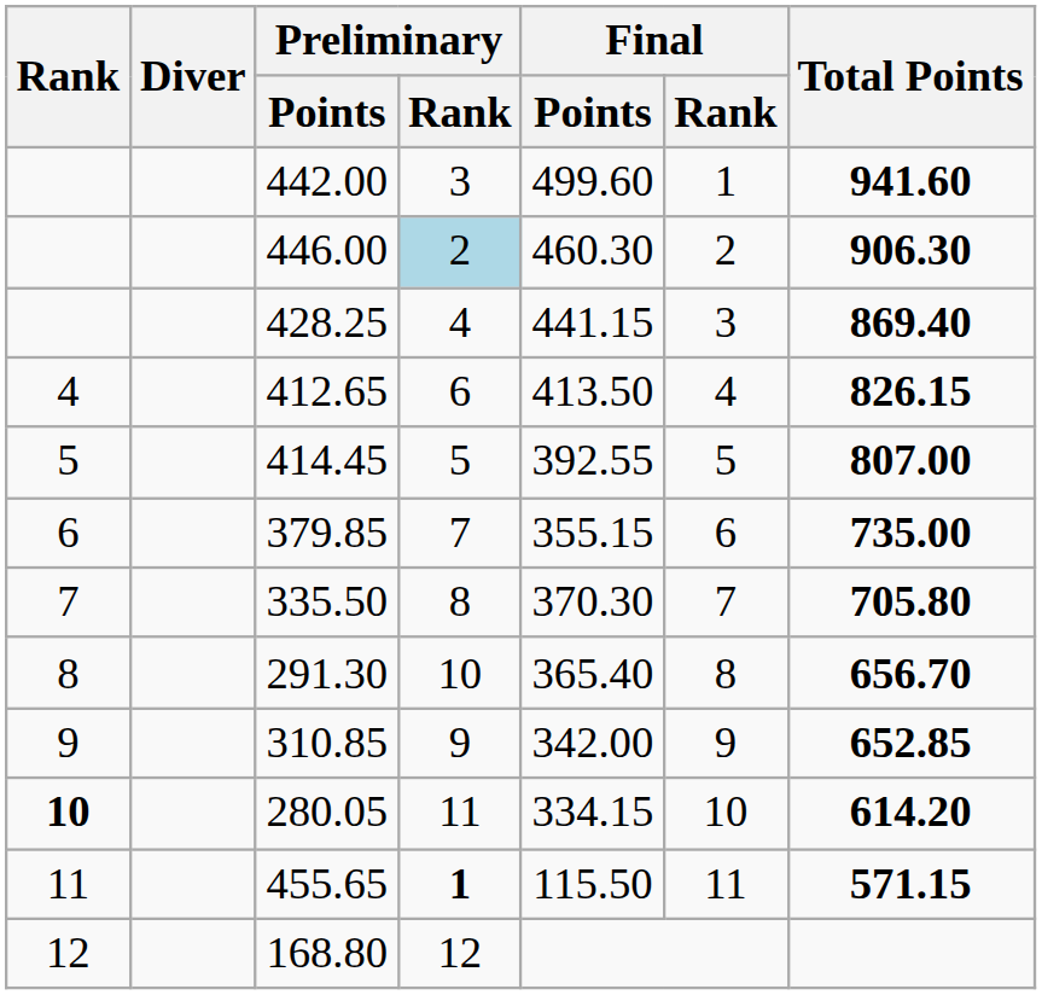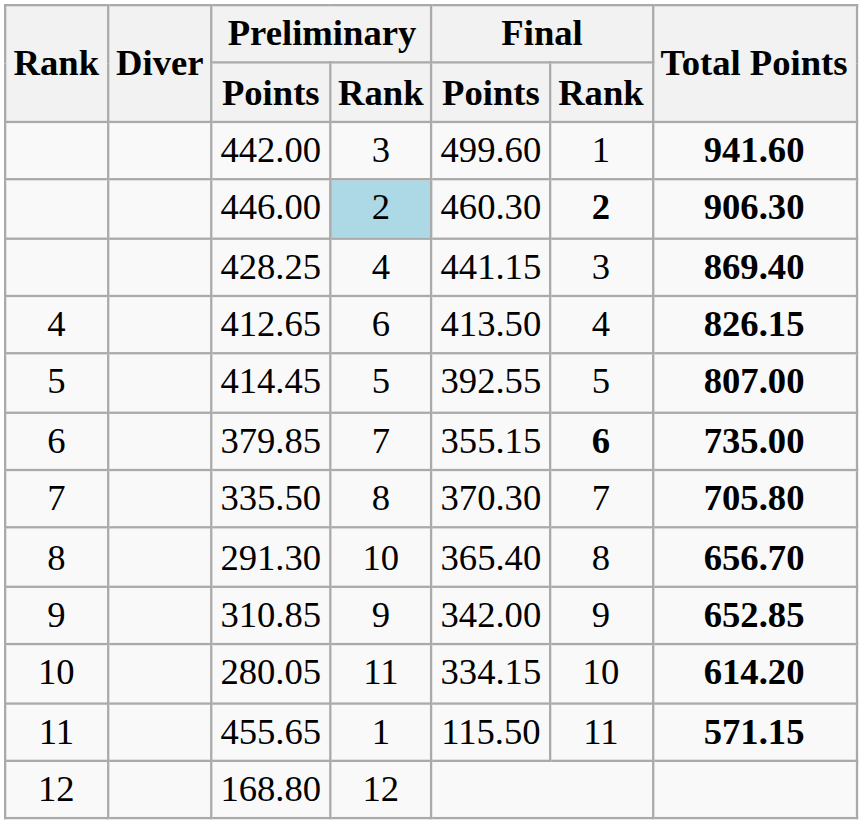 <table class="wikitable sortable" style="text-align:center">
 <tr>
 <th rowspan=2>Rank</th>
 <th rowspan=2>Diver</th>
 <th colspan=2>Preliminary</th>
 <th colspan=2>Final</th>
 <th rowspan=2>Total Points</th>
 </tr>
 <tr>
 <th>Points</th>
 <th>Rank</th>
 <th>Points</th>
 <th>Rank</th>
 </tr>
 <tr>
 <td></td>
 <td align=left></td>
 <td>442.00</td>
 <td>3</td>
 <td>499.60</td>
 <td>1</td>
 <td><strong>941.60</strong></td>
 </tr>
 <tr>
 <td></td>
 <td align=left></td>
 <td>446.00</td>
 <td style="background: lightblue;">2</td>
 <td>460.30</td>
-<td>2</td>
+<td><strong>2</strong></td>
 <td><strong>906.30</strong></td>
 </tr>
 <tr>
 <td></td>
 <td align=left></td>
 <td>428.25</td>
 <td>4</td>
 <td>441.15</td>
 <td>3</td>
 <td><strong>869.40</strong></td>
 </tr>
 <tr>
 <td>4</td>
 <td align=left></td>
 <td>412.65</td>
 <td>6</td>
 <td>413.50</td>
 <td>4</td>
 <td><strong>826.15</strong></td>
 </tr>
 <tr>
 <td>5</td>
 <td align=left></td>
 <td>414.45</td>
 <td>5</td>
 <td>392.55</td>
 <td>5</td>
 <td><strong>807.00</strong></td>
 </tr>
 <tr>
 <td>6</td>
 <td align=left></td>
 <td>379.85</td>
 <td>7</td>
 <td>355.15</td>
-<td>6</td>
+<td><strong>6</strong></td>
 <td><strong>735.00</strong></td>
 </tr>
 <tr>
 <td>7</td>
 <td align=left></td>
 <td>335.50</td>
 <td>8</td>
 <td>370.30</td>
 <td>7</td>
 <td><strong>705.80</strong></td>
 </tr>
 <tr>
 <td>8</td>
 <td align=left></td>
 <td>291.30</td>
 <td>10</td>
 <td>365.40</td>
 <td>8</td>
 <td><strong>656.70</strong></td>
 </tr>
 <tr>
 <td>9</td>
 <td align=left></td>
 <td>310.85</td>
 <td>9</td>
 <td>342.00</td>
 <td>9</td>
 <td><strong>652.85</strong></td>
 </tr>
 <tr>
-<td><strong>10</strong></td>
+<td>10</td>
 <td align=left></td>
 <td>280.05</td>
 <td>11</td>
 <td>334.15</td>
 <td>10</td>
 <td><strong>614.20</strong></td>
 </tr>
 <tr>
 <td>11</td>
 <td align=left></td>
 <td>455.65</td>
-<td><strong>1</strong></td>
+<td>1</td>
 <td>115.50</td>
 <td>11</td>
 <td><strong>571.15</strong></td>
 </tr>
 <tr>
 <td>12</td>
 <td align=left></td>
 <td>168.80</td>
 <td>12</td>
 <td colspan=2></td>
 <td></td>
 </tr>
 </table>
